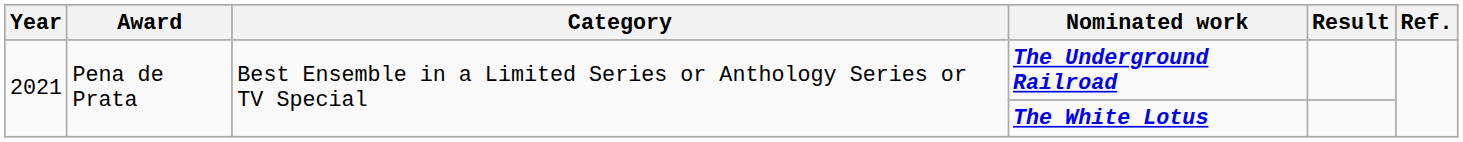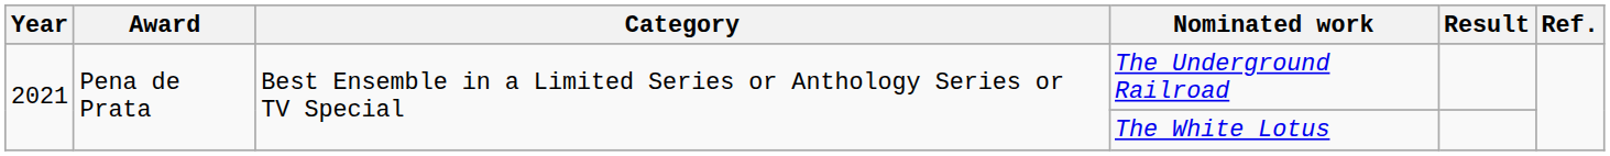 <table class="wikitable">
 <tr>
 <th>Year</th>
 <th>Award</th>
 <th>Category</th>
 <th>Nominated work</th>
 <th>Result</th>
 <th>Ref.</th>
 </tr>
 <tr>
 <td rowspan="2">2021</td>
 <td rowspan="2">Pena de Prata</td>
 <td rowspan="2">Best Ensemble in a Limited Series or Anthology Series or TV Special</td>
-<td><strong><em><a href='#'>The Underground Railroad</a></em></strong></td>
+<td><em><a href='#'>The Underground Railroad</a></em></td>
 <td></td>
 <td rowspan="2"></td>
 </tr>
 <tr>
-<td><strong><em><a href='#'>The White Lotus</a></em></strong></td>
+<td><em><a href='#'>The White Lotus</a></em></td>
 <td></td>
 </tr>
 </table>
